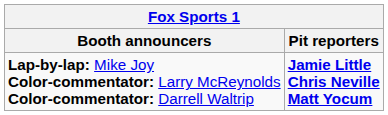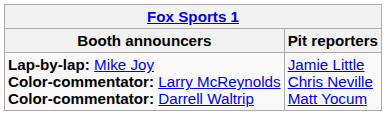 <table class="wikitable" style="font-size: 95%;">
 <tr>
 <th colspan="2"><a href='#'>Fox Sports 1</a></th>
 </tr>
 <tr>
 <th>Booth announcers</th>
 <th>Pit reporters</th>
 </tr>
 <tr>
 <td><strong>Lap-by-lap:</strong> <a href='#'>Mike Joy</a><br><strong>Color-commentator:</strong> <a href='#'>Larry McReynolds</a><br><strong>Color-commentator:</strong> <a href='#'>Darrell Waltrip</a></td>
-<td><strong><a href='#'>Jamie Little</a><br><a href='#'>Chris Neville</a><br><a href='#'>Matt Yocum</a></strong></td>
+<td><a href='#'>Jamie Little</a><br><a href='#'>Chris Neville</a><br><a href='#'>Matt Yocum</a></td>
 </tr>
 </table>
